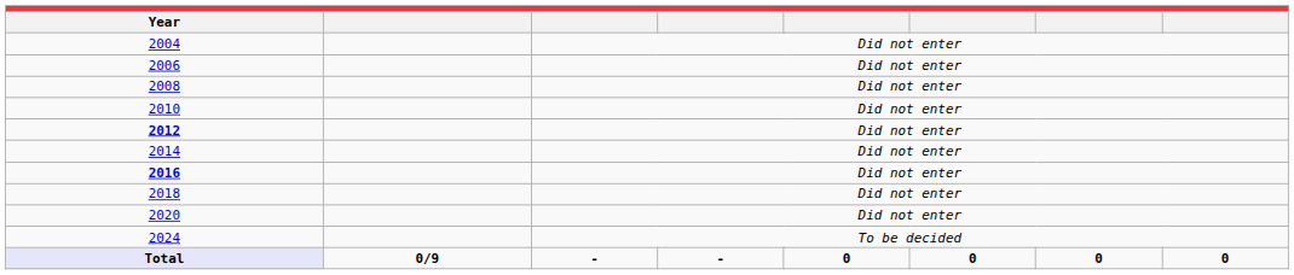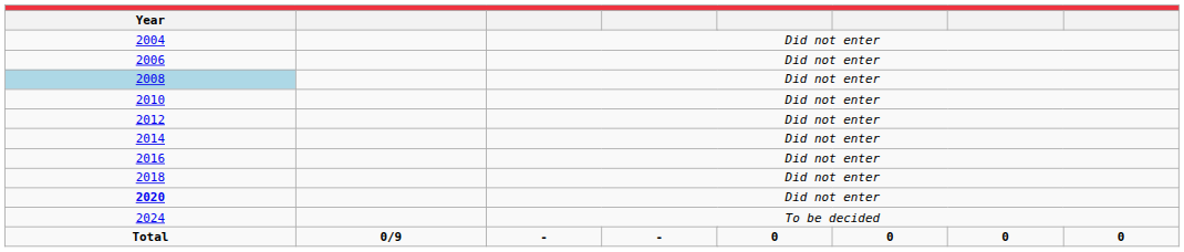 <table class="wikitable"width=100% style="text-align: center;font-size:100%;">
 <tr>
 <th style="background:#EF3340;" colspan="9"><a href='#'></a></th>
 </tr>
 <tr>
 <th>Year</th>
 <th></th>
 <th></th>
 <th colspan=2></th>
 <th></th>
 <th></th>
 <th></th>
 <th></th>
 </tr>
 <tr>
 <td><a href='#'>2004</a></td>
 <td></td>
 <td colspan=7 align=center><em>Did not enter</em></td>
 </tr>
 <tr>
 <td><a href='#'>2006</a></td>
 <td></td>
 <td colspan=7 align=center><em>Did not enter</em></td>
 </tr>
 <tr>
-<td><a href='#'>2008</a></td>
+<td style="background: lightblue;"><a href='#'>2008</a></td>
 <td></td>
 <td colspan=7 align=center><em>Did not enter</em></td>
 </tr>
 <tr>
 <td><a href='#'>2010</a></td>
 <td></td>
 <td colspan=7 align=center><em>Did not enter</em></td>
 </tr>
 <tr>
-<td><strong><a href='#'>2012</a></strong></td>
+<td><a href='#'>2012</a></td>
 <td></td>
 <td colspan=7 align=center><em>Did not enter</em></td>
 </tr>
 <tr>
 <td><a href='#'>2014</a></td>
 <td></td>
 <td colspan=7 align=center><em>Did not enter</em></td>
 </tr>
 <tr>
-<td><strong><a href='#'>2016</a></strong></td>
+<td><a href='#'>2016</a></td>
 <td></td>
 <td colspan=7 align=center><em>Did not enter</em></td>
 </tr>
 <tr>
 <td><a href='#'>2018</a></td>
 <td></td>
 <td colspan=7 align=center><em>Did not enter</em></td>
 </tr>
 <tr>
-<td><a href='#'>2020</a></td>
+<td><strong><a href='#'>2020</a></strong></td>
 <td></td>
 <td colspan=7 align=center><em>Did not enter</em></td>
 </tr>
 <tr>
 <td><a href='#'>2024</a></td>
 <td></td>
 <td colspan=7 align=center><em>To be decided</em></td>
 </tr>
 <tr>
-<td style="background: lavender;"><strong>Total</strong></td>
+<td><strong>Total</strong></td>
 <td><strong>0/9</strong></td>
 <td colspan=1><strong>-</strong></td>
 <td colspan=2><strong>-</strong></td>
 <td><strong>0</strong></td>
 <td><strong>0</strong></td>
 <td><strong>0</strong></td>
 <td><strong>0</strong></td>
 </tr>
 </table>
